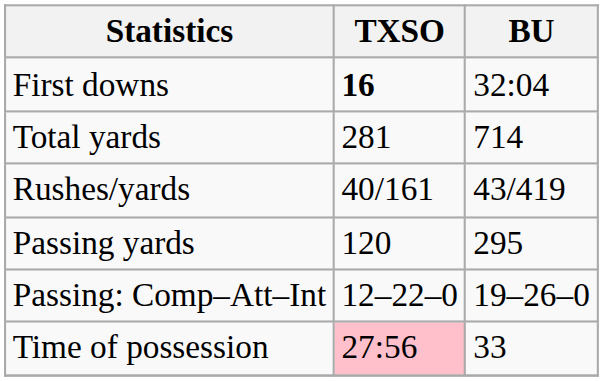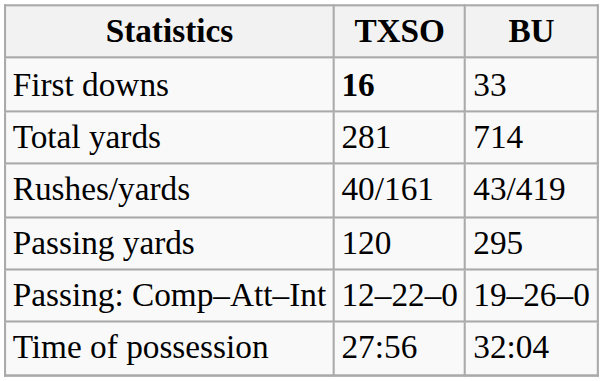 <table class="wikitable" style="float: left;">
 <tr>
 <th>Statistics</th>
 <th>TXSO</th>
 <th>BU</th>
 </tr>
 <tr>
 <td>First downs</td>
 <td><strong>16</strong></td>
-<td>32:04</td>
+<td>33</td>
 </tr>
 <tr>
 <td>Total yards</td>
 <td>281</td>
 <td>714</td>
 </tr>
 <tr>
 <td>Rushes/yards</td>
 <td>40/161</td>
 <td>43/419</td>
 </tr>
 <tr>
 <td>Passing yards</td>
 <td>120</td>
 <td>295</td>
 </tr>
 <tr>
 <td>Passing: Comp–Att–Int</td>
 <td>12–22–0</td>
 <td>19–26–0</td>
 </tr>
 <tr>
 <td>Time of possession</td>
-<td style="background: pink;">27:56</td>
-<td>33</td>
+<td>27:56</td>
+<td>32:04</td>
 </tr>
 <tr>
 </tr>
 </table>
